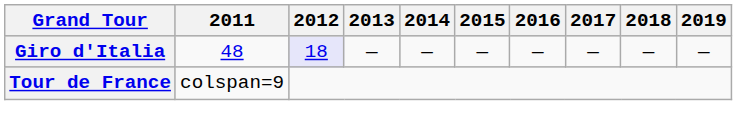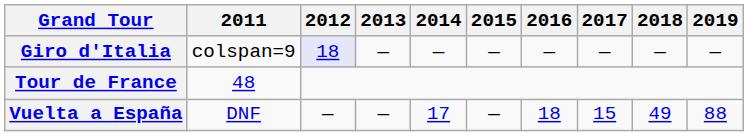 <table class="wikitable plainrowheaders">
 <tr>
 <th scope="col"><a href='#'>Grand Tour</a></th>
 <th scope="col">2011</th>
 <th scope="col">2012</th>
 <th scope="col">2013</th>
 <th scope="col">2014</th>
 <th scope="col">2015</th>
 <th scope="col">2016</th>
 <th scope="col">2017</th>
 <th scope="col">2018</th>
 <th scope="col">2019</th>
 </tr>
 <tr style="text-align:center;">
 <th scope="row"> <a href='#'>Giro d'Italia</a></th>
-<td><a href='#'>48</a></td>
+<td>colspan=9 </td>
 <td style="background: lavender;"><a href='#'>18</a></td>
 <td>—</td>
 <td>—</td>
 <td>—</td>
 <td>—</td>
 <td>—</td>
 <td>—</td>
 <td>—</td>
 </tr>
 <tr style="text-align:center;">
 <th scope="row"> <a href='#'>Tour de France</a></th>
-<td>colspan=9 </td>
+<td><a href='#'>48</a></td>
+</tr>
+<tr style="text-align:center;">
+<th scope="row"> <a href='#'>Vuelta a España</a></th>
+<td><a href='#'>DNF</a></td>
+<td>—</td>
+<td>—</td>
+<td><a href='#'>17</a></td>
+<td>—</td>
+<td><a href='#'>18</a></td>
+<td><a href='#'>15</a></td>
+<td><a href='#'>49</a></td>
+<td><a href='#'>88</a></td>
 </tr>
 </table>
